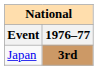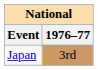 <table class="wikitable" style="text-align:center">
 <tr>
 <th style="background-color: #ffdead; " colspan=2 align=center>National</th>
 </tr>
 <tr>
 <th>Event</th>
 <th>1976–77</th>
 </tr>
 <tr>
 <td align=left><a href='#'>Japan</a></td>
-<td bgcolor=cc9966><strong>3rd</strong></td>
+<td bgcolor=cc9966>3rd</td>
 </tr>
 </table>
